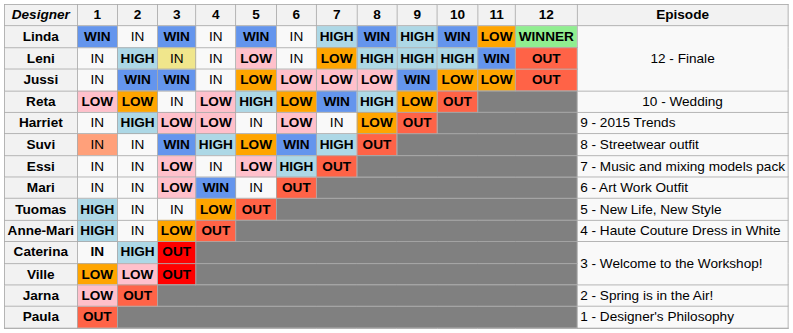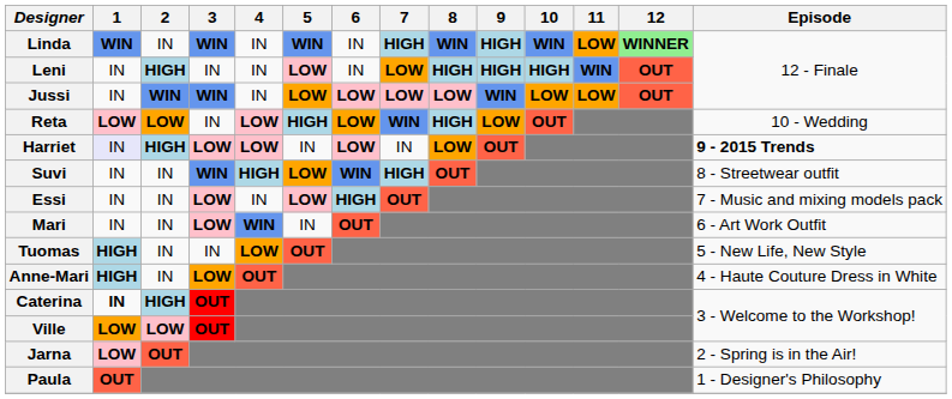 <table class="wikitable" style="text-align:center">
 <tr>
 <th><strong><em>Designer</em></strong></th>
 <th>1</th>
 <th>2</th>
 <th>3</th>
 <th>4</th>
 <th>5</th>
 <th>6</th>
 <th>7</th>
 <th>8</th>
 <th>9</th>
 <th>10</th>
 <th>11</th>
 <th>12</th>
 <th>Episode</th>
 </tr>
 <tr>
 <th>Linda</th>
 <td style="background:cornflowerblue;"><strong>WIN</strong></td>
 <td>IN</td>
 <td style="background:cornflowerblue;"><strong>WIN</strong></td>
 <td>IN</td>
 <td style="background:cornflowerblue;"><strong>WIN</strong></td>
 <td>IN</td>
 <td style="background:lightblue;"><strong>HIGH</strong></td>
 <td style="background:cornflowerblue;"><strong>WIN</strong></td>
 <td style="background:lightblue;"><strong>HIGH</strong></td>
 <td style="background:cornflowerblue;"><strong>WIN</strong></td>
 <td style="background:orange;"><strong>LOW</strong></td>
 <td style="background:lightgreen;"><strong>WINNER</strong></td>
 <td rowspan="3">12 - Finale</td>
 </tr>
 <tr>
 <th>Leni</th>
 <td>IN</td>
 <td style="background:lightblue;"><strong>HIGH</strong></td>
-<td style="background: khaki;">IN</td>
+<td>IN</td>
 <td>IN</td>
 <td style="background:pink;"><strong>LOW</strong></td>
 <td>IN</td>
 <td style="background:orange;"><strong>LOW</strong></td>
 <td style="background:lightblue;"><strong>HIGH</strong></td>
 <td style="background:lightblue;"><strong>HIGH</strong></td>
 <td style="background:lightblue;"><strong>HIGH</strong></td>
 <td style="background:cornflowerblue;"><strong>WIN</strong></td>
 <td style="background:tomato;"><strong>OUT</strong></td>
 </tr>
 <tr>
 <th>Jussi</th>
 <td>IN</td>
 <td style="background:cornflowerblue;"><strong>WIN</strong></td>
 <td style="background:cornflowerblue;"><strong>WIN</strong></td>
 <td>IN</td>
 <td style="background:orange;"><strong>LOW</strong></td>
 <td style="background:pink;"><strong>LOW</strong></td>
 <td style="background:pink;"><strong>LOW</strong></td>
 <td style="background:pink;"><strong>LOW</strong></td>
 <td style="background:cornflowerblue;"><strong>WIN</strong></td>
 <td style="background:orange;"><strong>LOW</strong></td>
 <td style="background:orange;"><strong>LOW</strong></td>
 <td style="background:tomato;"><strong>OUT</strong></td>
 </tr>
 <tr>
 <th>Reta</th>
 <td style="background:pink;"><strong>LOW</strong></td>
 <td style="background:orange;"><strong>LOW</strong></td>
 <td>IN</td>
 <td style="background:pink;"><strong>LOW</strong></td>
 <td style="background:lightblue;"><strong>HIGH</strong></td>
 <td style="background:orange;"><strong>LOW</strong></td>
 <td style="background:cornflowerblue;"><strong>WIN</strong></td>
 <td style="background:lightblue;"><strong>HIGH</strong></td>
 <td style="background:orange;"><strong>LOW</strong></td>
 <td style="background:tomato;"><strong>OUT</strong></td>
 <td style="background:gray;" colspan="2"></td>
 <td>10 - Wedding</td>
 </tr>
 <tr>
 <th>Harriet</th>
-<td>IN</td>
+<td style="background: lavender;">IN</td>
 <td style="background:lightblue;"><strong>HIGH</strong></td>
 <td style="background:pink;"><strong>LOW</strong></td>
 <td style="background:pink;"><strong>LOW</strong></td>
 <td>IN</td>
 <td style="background:pink;"><strong>LOW</strong></td>
 <td>IN</td>
 <td style="background:orange;"><strong>LOW</strong></td>
 <td style="background:tomato;"><strong>OUT</strong></td>
 <td style="background:gray;" colspan="3"></td>
-<td style="text-align:left">9 - 2015 Trends</td>
+<td style="text-align:left"><strong>9 - 2015 Trends</strong></td>
 </tr>
 <tr>
 <th>Suvi</th>
-<td style="background: lightsalmon;">IN</td>
+<td>IN</td>
 <td>IN</td>
 <td style="background:cornflowerblue;"><strong>WIN</strong></td>
 <td style="background:lightblue;"><strong>HIGH</strong></td>
 <td style="background:orange;"><strong>LOW</strong></td>
 <td style="background:cornflowerblue;"><strong>WIN</strong></td>
 <td style="background:lightblue;"><strong>HIGH</strong></td>
 <td style="background:tomato;"><strong>OUT</strong></td>
 <td style="background:gray;" colspan="4"></td>
 <td style="text-align:left">8 - Streetwear outfit</td>
 </tr>
 <tr>
 <th>Essi</th>
 <td>IN</td>
 <td>IN</td>
 <td style="background:pink;"><strong>LOW</strong></td>
 <td>IN</td>
 <td style="background:pink;"><strong>LOW</strong></td>
 <td style="background:lightblue;"><strong>HIGH</strong></td>
 <td style="background:tomato;"><strong>OUT</strong></td>
 <td style="background:gray;" colspan="5"></td>
 <td style="text-align:left">7 - Music and mixing models pack</td>
 </tr>
 <tr>
 <th>Mari</th>
 <td>IN</td>
 <td>IN</td>
 <td style="background:pink;"><strong>LOW</strong></td>
 <td style="background:cornflowerblue;"><strong>WIN</strong></td>
 <td>IN</td>
 <td style="background:tomato;"><strong>OUT</strong></td>
 <td style="background:gray;" colspan="6"></td>
 <td style="text-align:left">6 - Art Work Outfit</td>
 </tr>
 <tr>
 <th>Tuomas</th>
 <td style="background:lightblue;"><strong>HIGH</strong></td>
 <td>IN</td>
 <td>IN</td>
 <td style="background:orange;"><strong>LOW</strong></td>
 <td style="background:tomato;"><strong>OUT</strong></td>
 <td style="background:gray;" colspan="7"></td>
 <td style="text-align:left">5 - New Life, New Style</td>
 </tr>
 <tr>
 <th>Anne-Mari</th>
 <td style="background:lightblue;"><strong>HIGH</strong></td>
 <td>IN</td>
 <td style="background:orange;"><strong>LOW</strong></td>
 <td style="background:tomato;"><strong>OUT</strong></td>
 <td style="background:gray;" colspan="8"></td>
 <td style="text-align:left">4 - Haute Couture Dress in White</td>
 </tr>
 <tr>
 <th>Caterina</th>
 <td><strong>IN</strong></td>
 <td style="background:lightblue;"><strong>HIGH</strong></td>
 <td style="background:red;"><strong>OUT</strong></td>
 <td colspan=9 style="background:gray;"></td>
 <td rowspan="2" style="text-align:left">3 - Welcome to the Workshop!</td>
 </tr>
 <tr>
 <th>Ville</th>
 <td style="background:orange;"><strong>LOW</strong></td>
 <td style="background:pink;"><strong>LOW</strong></td>
 <td style="background:red;"><strong>OUT</strong></td>
 <td style="background:gray;" colspan="9"></td>
 </tr>
 <tr>
 <th>Jarna</th>
 <td style="background:pink;"><strong>LOW</strong></td>
 <td style="background:tomato;"><strong>OUT</strong></td>
 <td style="background:gray;" colspan="10"></td>
 <td style="text-align:left">2 - Spring is in the Air!</td>
 </tr>
 <tr>
 <th>Paula</th>
 <td style="background:tomato;"><strong>OUT</strong></td>
 <td style="background:gray;" colspan="11"></td>
 <td style="text-align:left">1 - Designer's Philosophy</td>
 </tr>
 <tr>
 </tr>
 </table>
